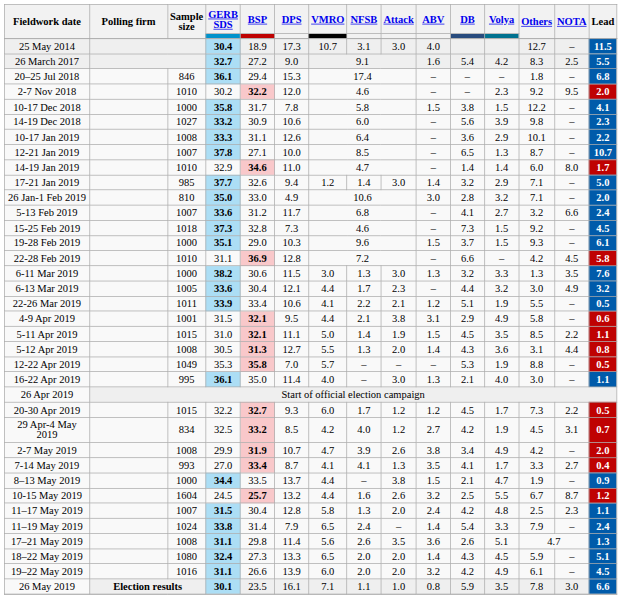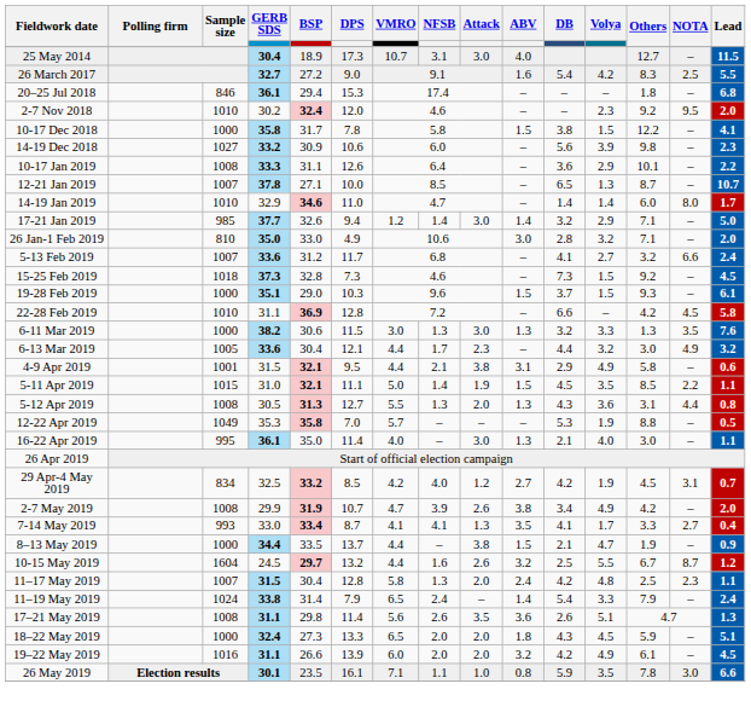 <table class="wikitable sortable" style="text-align:center;font-size:90%;line-height:14px;">
 <tr style="height:40px;">
 <th style="width:110px;" rowspan="2">Fieldwork date</th>
 <th style="width:100px;" rowspan="2">Polling firm</th>
 <th style="width:35px;" rowspan="2">Sample<br>size</th>
 <th class="unsortable" style="width:40px;"><a href='#'>GERB</a><br><a href='#'>SDS</a></th>
 <th style="width:40px" style="width:40px;"><a href='#'>BSP</a></th>
 <th style="width:40px" style="width:40px;"><a href='#'>DPS</a></th>
 <th style="width:40px" style="width:40px;"><a href='#'>VMRO</a></th>
 <th style="width:40px" style="width:40px;"><a href='#'>NFSB</a></th>
 <th style="width:40px" style="width:40px;"><a href='#'>Attack</a></th>
 <th style="width:40px" style="width:40px;"><a href='#'>ABV</a></th>
 <th style="width:40px" style="width:40px;"><a href='#'>DB</a></th>
 <th style="width:40px" style="width:40px;"><a href='#'>Volya</a></th>
 <th class="unsortable" style="width:30px;" rowspan="2"><a href='#'>Others</a></th>
 <th class="unsortable" style="width:30px;" rowspan="2"><a href='#'>NOTA</a></th>
 <th class="unsortable" style="width:30px;" rowspan="2">Lead</th>
 </tr>
 <tr>
 <th style="background:#0092CB;"></th>
 <th style="background:#BF0202;"></th>
 <th style="background:"></th>
 <th style="background:#000000;"></th>
 <th style="background:"></th>
 <th style="background:"></th>
 <th style="background:"></th>
 <th style="background:#284B7D;"></th>
 <th style="background:#00718f;"></th>
 </tr>
 <tr>
 </tr>
 <tr style="background:#EFEFEF;">
 <td>25 May 2014</td>
 <td colspan="2"></td>
 <td style="background:#ACDEF5"><strong>30.4</strong></td>
 <td>18.9</td>
 <td>17.3</td>
 <td>10.7</td>
 <td>3.1</td>
 <td>3.0</td>
 <td>4.0</td>
 <td></td>
 <td></td>
 <td>12.7</td>
 <td>–</td>
 <td style="background:#005BAA; color:white;"><strong>11.5</strong></td>
 </tr>
 <tr style="background:#EFEFEF;">
 <td>26 March 2017</td>
 <td colspan="2"></td>
 <td style="background:#ACDEF5"><strong>32.7</strong></td>
 <td>27.2</td>
 <td>9.0</td>
 <td colspan=3>9.1</td>
 <td>1.6</td>
 <td>5.4</td>
 <td>4.2</td>
 <td>8.3</td>
 <td>2.5</td>
 <td style="background:#005BAA; color:white;"><strong>5.5</strong></td>
 </tr>
 <tr>
 <td>20–25 Jul 2018</td>
 <td></td>
 <td>846</td>
 <td style="background:#ACDEF5"><strong>36.1</strong></td>
 <td>29.4</td>
 <td>15.3</td>
 <td colspan=3>17.4</td>
 <td>–</td>
 <td>–</td>
 <td>–</td>
 <td>1.8</td>
 <td>–</td>
 <td style="background:#005BAA; color:white;"><strong>6.8</strong></td>
 </tr>
 <tr>
 <td>2-7 Nov 2018</td>
 <td></td>
 <td>1010</td>
 <td>30.2</td>
-<td style="background:#F9C8CA"><strong>32.2</strong></td>
+<td style="background:#F9C8CA"><strong>32.4</strong></td>
 <td>12.0</td>
 <td colspan=3>4.6</td>
 <td>–</td>
 <td>–</td>
 <td>2.3</td>
 <td>9.2</td>
 <td>9.5</td>
 <td style="background:#BF0202; color:white;"><strong>2.0</strong></td>
 </tr>
 <tr>
 <td>10-17 Dec 2018</td>
 <td></td>
 <td>1000</td>
 <td style="background:#ACDEF5"><strong>35.8</strong></td>
 <td>31.7</td>
 <td>7.8</td>
 <td colspan=3>5.8</td>
 <td>1.5</td>
 <td>3.8</td>
 <td>1.5</td>
 <td>12.2</td>
 <td>–</td>
 <td style="background:#005BAA; color:white;"><strong>4.1</strong></td>
 </tr>
 <tr>
 <td>14-19 Dec 2018</td>
 <td></td>
 <td>1027</td>
 <td style="background:#ACDEF5"><strong>33.2</strong></td>
 <td>30.9</td>
 <td>10.6</td>
 <td colspan=3>6.0</td>
 <td>–</td>
 <td>5.6</td>
 <td>3.9</td>
 <td>9.8</td>
 <td>–</td>
 <td style="background:#005BAA; color:white;"><strong>2.3</strong></td>
 </tr>
 <tr>
 <td>10-17 Jan 2019</td>
 <td></td>
 <td>1008</td>
 <td style="background:#ACDEF5"><strong>33.3</strong></td>
 <td>31.1</td>
 <td>12.6</td>
 <td colspan = 3>6.4</td>
 <td>–</td>
 <td>3.6</td>
 <td>2.9</td>
 <td>10.1</td>
 <td>–</td>
 <td style="background:#005BAA; color:white;"><strong>2.2</strong></td>
 </tr>
 <tr>
 <td>12-21 Jan 2019</td>
 <td></td>
 <td>1007</td>
 <td style="background:#ACDEF5"><strong>37.8</strong></td>
 <td>27.1</td>
 <td>10.0</td>
 <td colspan = 3>8.5</td>
 <td>–</td>
 <td>6.5</td>
 <td>1.3</td>
 <td>8.7</td>
 <td>–</td>
 <td style="background:#005BAA; color:white;"><strong>10.7</strong></td>
 </tr>
 <tr>
 <td>14-19 Jan 2019</td>
 <td></td>
 <td>1010</td>
 <td>32.9</td>
 <td style="background:#F9C8CA"><strong>34.6</strong></td>
 <td>11.0</td>
 <td colspan = 3>4.7</td>
 <td>–</td>
 <td>1.4</td>
 <td>1.4</td>
 <td>6.0</td>
 <td>8.0</td>
 <td style="background:#BF0202; color:white;"><strong>1.7</strong></td>
 </tr>
 <tr>
 <td>17-21 Jan 2019</td>
 <td></td>
 <td>985</td>
 <td style="background:#ACDEF5"><strong>37.7</strong></td>
 <td>32.6</td>
 <td>9.4</td>
 <td>1.2</td>
 <td>1.4</td>
 <td>3.0</td>
 <td>1.4</td>
 <td>3.2</td>
 <td>2.9</td>
 <td>7.1</td>
 <td>–</td>
 <td style="background:#005BAA; color:white;"><strong>5.0</strong></td>
 </tr>
 <tr>
 <td>26 Jan-1 Feb 2019</td>
 <td></td>
 <td>810</td>
 <td style="background:#ACDEF5"><strong>35.0</strong></td>
 <td>33.0</td>
 <td>4.9</td>
 <td colspan = 3>10.6</td>
 <td>3.0</td>
 <td>2.8</td>
 <td>3.2</td>
 <td>7.1</td>
 <td>–</td>
 <td style="background:#005BAA; color:white;"><strong>2.0</strong></td>
 </tr>
 <tr>
 <td>5-13 Feb 2019</td>
 <td></td>
 <td>1007</td>
 <td style="background:#ACDEF5"><strong>33.6</strong></td>
 <td>31.2</td>
 <td>11.7</td>
 <td colspan = 3>6.8</td>
 <td>–</td>
 <td>4.1</td>
 <td>2.7</td>
 <td>3.2</td>
 <td>6.6</td>
 <td style="background:#005BAA; color:white;"><strong>2.4</strong></td>
 </tr>
 <tr>
 <td>15-25 Feb 2019</td>
 <td></td>
 <td>1018</td>
 <td style="background:#ACDEF5"><strong>37.3</strong></td>
 <td>32.8</td>
 <td>7.3</td>
 <td colspan = 3>4.6</td>
 <td>–</td>
 <td>7.3</td>
 <td>1.5</td>
 <td>9.2</td>
 <td>–</td>
 <td style="background:#005BAA; color:white;"><strong>4.5</strong></td>
 </tr>
 <tr>
 <td>19-28 Feb 2019</td>
 <td></td>
 <td>1000</td>
 <td style="background:#ACDEF5"><strong>35.1</strong></td>
 <td>29.0</td>
 <td>10.3</td>
 <td colspan = 3>9.6</td>
 <td>1.5</td>
 <td>3.7</td>
 <td>1.5</td>
 <td>9.3</td>
 <td>–</td>
 <td style="background:#005BAA; color:white;"><strong>6.1</strong></td>
 </tr>
 <tr>
 <td>22-28 Feb 2019</td>
 <td></td>
 <td>1010</td>
 <td>31.1</td>
 <td style="background:#F9C8CA"><strong>36.9</strong></td>
 <td>12.8</td>
 <td colspan = 3>7.2</td>
 <td>–</td>
 <td>6.6</td>
 <td>–</td>
 <td>4.2</td>
 <td>4.5</td>
 <td style="background:#BF0202; color:white;"><strong>5.8</strong></td>
 </tr>
 <tr>
 <td>6-11 Mar 2019</td>
 <td></td>
 <td>1000</td>
 <td style="background:#ACDEF5"><strong>38.2</strong></td>
 <td>30.6</td>
 <td>11.5</td>
 <td>3.0</td>
 <td>1.3</td>
 <td>3.0</td>
 <td>1.3</td>
 <td>3.2</td>
 <td>3.3</td>
 <td>1.3</td>
 <td>3.5</td>
 <td style="background:#005BAA; color:white;"><strong>7.6</strong></td>
 </tr>
 <tr>
 <td>6-13 Mar 2019</td>
 <td></td>
 <td>1005</td>
 <td style="background:#ACDEF5"><strong>33.6</strong></td>
 <td>30.4</td>
 <td>12.1</td>
 <td>4.4</td>
 <td>1.7</td>
 <td>2.3</td>
 <td>–</td>
 <td>4.4</td>
 <td>3.2</td>
 <td>3.0</td>
 <td>4.9</td>
 <td style="background:#005BAA; color:white;"><strong>3.2</strong></td>
 </tr>
 <tr>
-<td>22-26 Mar 2019</td>
-<td></td>
-<td>1011</td>
-<td style="background:#ACDEF5"><strong>33.9</strong></td>
-<td>33.4</td>
-<td>10.6</td>
-<td>4.1</td>
-<td>2.2</td>
-<td>2.1</td>
-<td>1.2</td>
-<td>5.1</td>
-<td>1.9</td>
-<td>5.5</td>
-<td>–</td>
-<td style="background:#005BAA; color:white;"><strong>0.5</strong></td>
-</tr>
-<tr>
 <td>4-9 Apr 2019</td>
 <td></td>
 <td>1001</td>
 <td>31.5</td>
 <td style="background:#F9C8CA"><strong>32.1</strong></td>
 <td>9.5</td>
 <td>4.4</td>
 <td>2.1</td>
 <td>3.8</td>
 <td>3.1</td>
 <td>2.9</td>
 <td>4.9</td>
 <td>5.8</td>
 <td>–</td>
 <td style="background:#BF0202; color:white;"><strong>0.6</strong></td>
 </tr>
 <tr>
 <td>5-11 Apr 2019</td>
 <td></td>
 <td>1015</td>
 <td>31.0</td>
 <td style="background:#F9C8CA"><strong>32.1</strong></td>
 <td>11.1</td>
 <td>5.0</td>
 <td>1.4</td>
 <td>1.9</td>
 <td>1.5</td>
 <td>4.5</td>
 <td>3.5</td>
 <td>8.5</td>
 <td>2.2</td>
 <td style="background:#BF0202; color:white;"><strong>1.1</strong></td>
 </tr>
 <tr>
 <td>5-12 Apr 2019</td>
 <td></td>
 <td>1008</td>
 <td>30.5</td>
 <td style="background:#F9C8CA"><strong>31.3</strong></td>
 <td>12.7</td>
 <td>5.5</td>
 <td>1.3</td>
 <td>2.0</td>
-<td>1.4</td>
+<td>1.3</td>
 <td>4.3</td>
 <td>3.6</td>
 <td>3.1</td>
 <td>4.4</td>
 <td style="background:#BF0202; color:white;"><strong>0.8</strong></td>
 </tr>
 <tr>
 <td>12-22 Apr 2019</td>
 <td></td>
 <td>1049</td>
 <td>35.3</td>
 <td style="background:#F9C8CA"><strong>35.8</strong></td>
 <td>7.0</td>
 <td>5.7</td>
 <td>–</td>
 <td>–</td>
 <td>–</td>
 <td>5.3</td>
 <td>1.9</td>
 <td>8.8</td>
 <td>–</td>
 <td style="background:#BF0202; color:white;"><strong>0.5</strong></td>
 </tr>
 <tr>
 <td>16-22 Apr 2019</td>
 <td></td>
 <td>995</td>
 <td style="background:#ACDEF5"><strong>36.1</strong></td>
 <td>35.0</td>
 <td>11.4</td>
 <td>4.0</td>
 <td>–</td>
 <td>3.0</td>
 <td>1.3</td>
 <td>2.1</td>
 <td>4.0</td>
 <td>3.0</td>
 <td>–</td>
 <td style="background:#005BAA; color:white;"><strong>1.1</strong></td>
 </tr>
 <tr>
 <td>26 Apr 2019</td>
 <td style="background:#EFEFEF;" colspan=14>Start of official election campaign</td>
 </tr>
 <tr>
-<td>20-30 Apr 2019</td>
-<td></td>
-<td>1015</td>
-<td>32.2</td>
-<td style="background:#F9C8CA"><strong>32.7</strong></td>
-<td>9.3</td>
-<td>6.0</td>
-<td>1.7</td>
-<td>1.2</td>
-<td>1.2</td>
-<td>4.5</td>
-<td>1.7</td>
-<td>7.3</td>
-<td>2.2</td>
-<td style="background:#BF0202; color:white;"><strong>0.5</strong></td>
-</tr>
-<tr>
 <td>29 Apr-4 May 2019</td>
 <td></td>
 <td>834</td>
 <td>32.5</td>
 <td style="background:#F9C8CA"><strong>33.2</strong></td>
 <td>8.5</td>
 <td>4.2</td>
 <td>4.0</td>
 <td>1.2</td>
 <td>2.7</td>
 <td>4.2</td>
 <td>1.9</td>
 <td>4.5</td>
 <td>3.1</td>
 <td style="background:#BF0202; color:white;"><strong>0.7</strong></td>
 </tr>
 <tr>
 <td>2-7 May 2019</td>
 <td></td>
 <td>1008</td>
 <td>29.9</td>
 <td style="background:#F9C8CA"><strong>31.9</strong></td>
 <td>10.7</td>
 <td>4.7</td>
 <td>3.9</td>
 <td>2.6</td>
 <td>3.8</td>
 <td>3.4</td>
 <td>4.9</td>
 <td>4.2</td>
 <td>–</td>
 <td style="background:#BF0202; color:white;"><strong>2.0</strong></td>
 </tr>
 <tr>
 <td>7-14 May 2019</td>
 <td></td>
 <td>993</td>
-<td>27.0</td>
+<td>33.0</td>
 <td style="background:#F9C8CA"><strong>33.4</strong></td>
 <td>8.7</td>
 <td>4.1</td>
 <td>4.1</td>
 <td>1.3</td>
 <td>3.5</td>
 <td>4.1</td>
 <td>1.7</td>
 <td>3.3</td>
 <td>2.7</td>
 <td style="background:#BF0202; color:white;"><strong>0.4</strong></td>
 </tr>
 <tr>
 <td>8–13 May 2019</td>
 <td></td>
 <td>1000</td>
 <td style="background:#ACDEF5"><strong>34.4</strong></td>
 <td>33.5</td>
 <td>13.7</td>
 <td>4.4</td>
 <td>–</td>
 <td>3.8</td>
 <td>1.5</td>
 <td>2.1</td>
 <td>4.7</td>
 <td>1.9</td>
 <td>–</td>
 <td style="background:#005BAA; color:white;"><strong>0.9</strong></td>
 </tr>
 <tr>
 <td>10-15 May 2019</td>
 <td> </td>
 <td>1604</td>
 <td>24.5</td>
-<td style="background:#F9C8CA"><strong>25.7</strong></td>
+<td style="background:#F9C8CA"><strong>29.7</strong></td>
 <td>13.2</td>
 <td>4.4</td>
 <td>1.6</td>
 <td>2.6</td>
 <td>3.2</td>
 <td>2.5</td>
 <td>5.5</td>
 <td>6.7</td>
 <td>8.7</td>
 <td style="background:#BF0202; color:white;"><strong>1.2</strong></td>
 </tr>
 <tr>
 <td>11–17 May 2019</td>
 <td></td>
 <td>1007</td>
 <td style="background:#ACDEF5"><strong>31.5</strong></td>
 <td>30.4</td>
 <td>12.8</td>
 <td>5.8</td>
 <td>1.3</td>
 <td>2.0</td>
 <td>2.4</td>
 <td>4.2</td>
 <td>4.8</td>
 <td>2.5</td>
 <td>2.3</td>
 <td style="background:#005BAA; color:white;"><strong>1.1</strong></td>
 </tr>
 <tr>
 <td>11–19 May 2019</td>
 <td></td>
 <td>1024</td>
 <td style="background:#ACDEF5"><strong>33.8</strong></td>
 <td>31.4</td>
 <td>7.9</td>
 <td>6.5</td>
 <td>2.4</td>
 <td>–</td>
 <td>1.4</td>
 <td>5.4</td>
 <td>3.3</td>
 <td>7.9</td>
 <td>–</td>
 <td style="background:#005BAA; color:white;"><strong>2.4</strong></td>
 </tr>
 <tr>
 <td>17–21 May 2019</td>
 <td></td>
 <td>1008</td>
 <td style="background:#ACDEF5"><strong>31.1</strong></td>
 <td>29.8</td>
 <td>11.4</td>
 <td>5.6</td>
 <td>2.6</td>
 <td>3.5</td>
 <td>3.6</td>
 <td>2.6</td>
 <td>5.1</td>
 <td colspan=2>4.7</td>
 <td style="background:#005BAA; color:white;"><strong>1.3</strong></td>
 </tr>
 <tr>
 <td>18–22 May 2019</td>
 <td></td>
-<td>1080</td>
+<td>1000</td>
 <td style="background:#ACDEF5"><strong>32.4</strong></td>
 <td>27.3</td>
 <td>13.3</td>
 <td>6.5</td>
 <td>2.0</td>
 <td>2.0</td>
-<td>1.4</td>
+<td>1.8</td>
 <td>4.3</td>
 <td>4.5</td>
 <td>5.9</td>
 <td>–</td>
 <td style="background:#005BAA; color:white;"><strong>5.1</strong></td>
 </tr>
 <tr>
 <td>19–22 May 2019</td>
 <td></td>
 <td>1016</td>
 <td style="background:#ACDEF5"><strong>31.1</strong></td>
 <td>26.6</td>
 <td>13.9</td>
 <td>6.0</td>
 <td>2.0</td>
 <td>2.0</td>
 <td>3.2</td>
 <td>4.2</td>
 <td>4.9</td>
 <td>6.1</td>
 <td>–</td>
 <td style="background:#005BAA; color:white;"><strong>4.5</strong></td>
 </tr>
 <tr>
 <td>26 May 2019</td>
 <td style="background:#EFEFEF;" colspan="2"><strong>Election results</strong></td>
 <td style="background:#ACDEF5"><strong>30.1</strong></td>
 <td style="background:#EFEFEF;">23.5</td>
 <td style="background:#EFEFEF;">16.1</td>
 <td style="background:#EFEFEF;">7.1</td>
 <td style="background:#EFEFEF;">1.1</td>
 <td style="background:#EFEFEF;">1.0</td>
 <td style="background:#EFEFEF;">0.8</td>
 <td style="background:#EFEFEF;">5.9</td>
 <td style="background:#EFEFEF;">3.5</td>
 <td style="background:#EFEFEF;">7.8</td>
 <td style="background:#EFEFEF;">3.0</td>
 <td style="background:#005BAA; color:white;"><strong>6.6</strong></td>
 </tr>
 <tr>
 </tr>
 </table>
